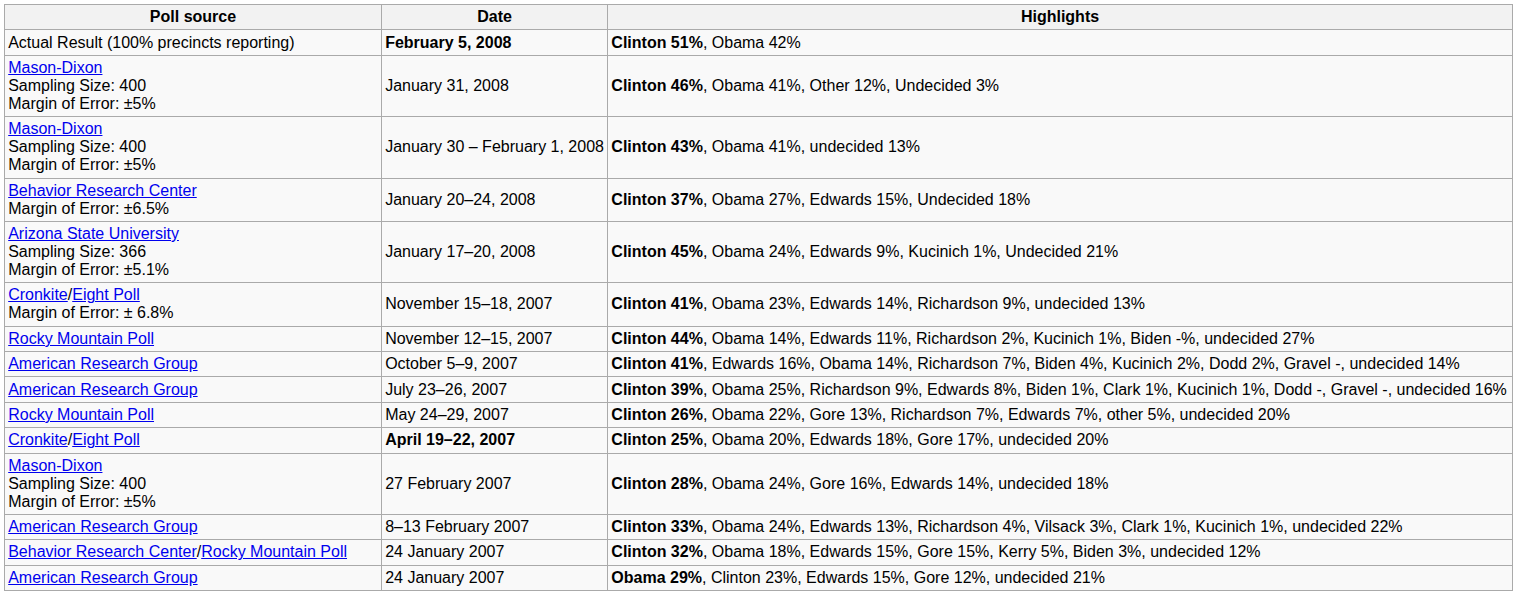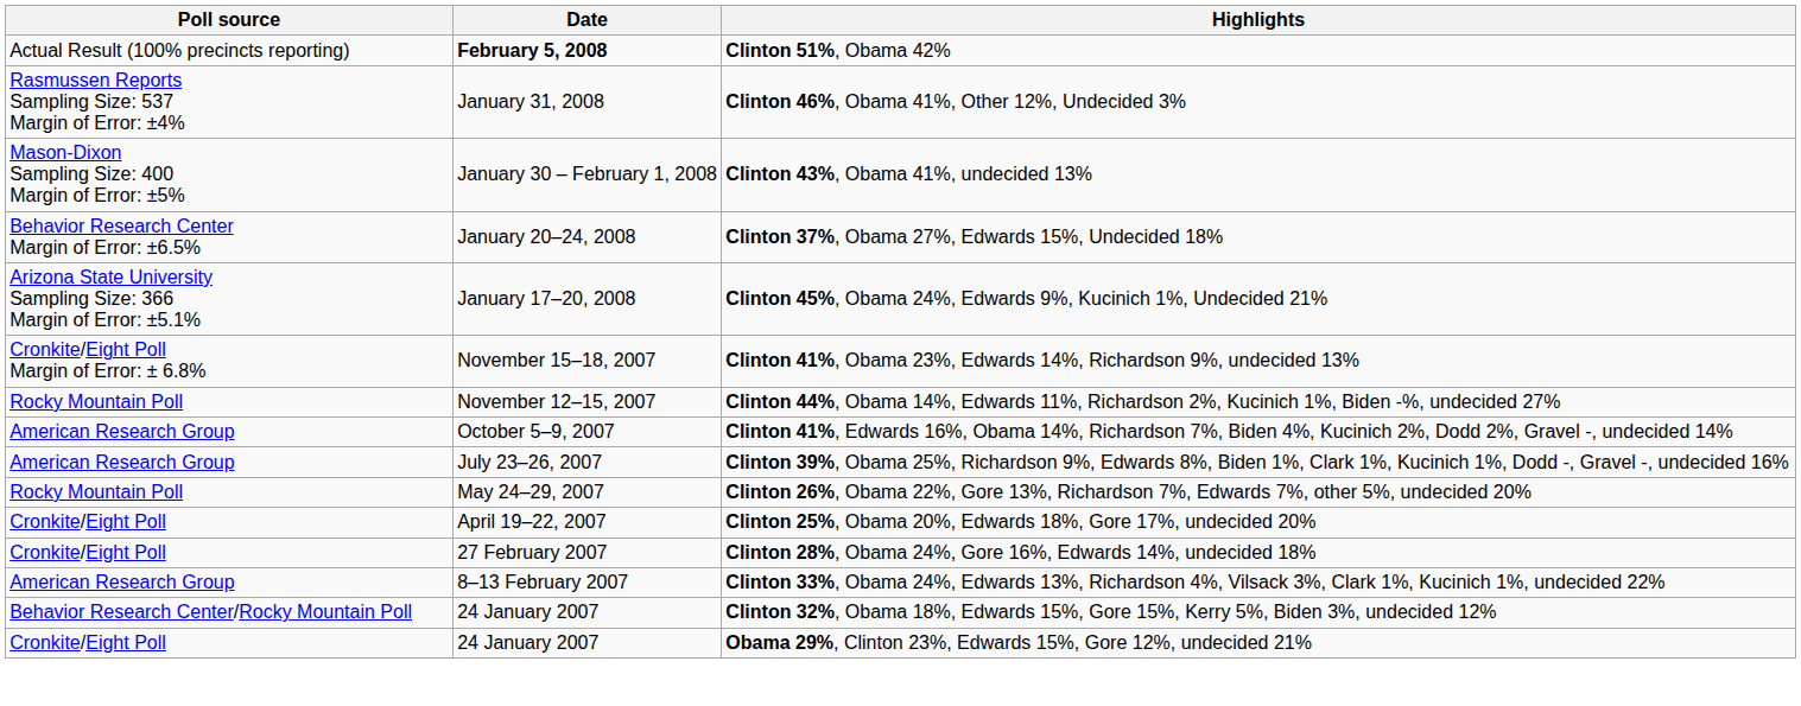 <table class="wikitable sortable">
 <tr>
 <th width="25%">Poll source</th>
 <th width="15%">Date</th>
 <th width="60%">Highlights</th>
 </tr>
 <tr>
 <td>Actual Result (100% precincts reporting)</td>
 <td><strong>February 5, 2008</strong></td>
 <td><strong>Clinton 51%</strong>, Obama 42%</td>
 </tr>
 <tr>
-<td><a href='#'>Mason-Dixon</a><br>Sampling Size: 400<br> Margin of Error: ±5%</td>
+<td><a href='#'>Rasmussen Reports</a><br>Sampling Size: 537<br> Margin of Error: ±4%</td>
 <td>January 31, 2008</td>
 <td><strong>Clinton 46%</strong>, Obama 41%, Other 12%, Undecided 3%</td>
 </tr>
 <tr>
 <td><a href='#'>Mason-Dixon</a><br>Sampling Size: 400<br> Margin of Error: ±5%</td>
 <td>January 30 – February 1, 2008</td>
 <td><strong>Clinton 43%</strong>, Obama 41%, undecided 13%</td>
 </tr>
 <tr>
 <td><a href='#'>Behavior Research Center</a><br>Margin of Error: ±6.5%<br></td>
 <td>January 20–24, 2008</td>
 <td><strong>Clinton 37%</strong>, Obama 27%, Edwards 15%, Undecided 18%</td>
 </tr>
 <tr>
 <td><a href='#'>Arizona State University</a><br>Sampling Size: 366<br> Margin of Error: ±5.1%</td>
 <td>January 17–20, 2008</td>
 <td><strong>Clinton 45%</strong>, Obama 24%, Edwards 9%, Kucinich 1%, Undecided 21%</td>
 </tr>
 <tr>
 <td><a href='#'>Cronkite</a>/<a href='#'>Eight Poll</a><br>Margin of Error: ± 6.8%</td>
 <td>November 15–18, 2007</td>
 <td><strong>Clinton 41%</strong>, Obama 23%, Edwards 14%, Richardson 9%, undecided 13%</td>
 </tr>
 <tr>
 <td><a href='#'>Rocky Mountain Poll</a></td>
 <td>November 12–15, 2007</td>
 <td><strong>Clinton 44%</strong>, Obama 14%, Edwards 11%, Richardson 2%, Kucinich 1%, Biden -%,  undecided 27%</td>
 </tr>
 <tr>
 <td><a href='#'>American Research Group</a></td>
 <td>October 5–9, 2007</td>
 <td><strong>Clinton 41%</strong>, Edwards 16%, Obama 14%, Richardson 7%, Biden 4%, Kucinich 2%, Dodd 2%, Gravel -, undecided 14%</td>
 </tr>
 <tr>
 <td><a href='#'>American Research Group</a></td>
 <td>July 23–26, 2007</td>
 <td><strong>Clinton 39%</strong>, Obama 25%, Richardson 9%, Edwards 8%, Biden 1%, Clark 1%, Kucinich 1%, Dodd -, Gravel -, undecided 16%</td>
 </tr>
 <tr>
 <td><a href='#'>Rocky Mountain Poll</a></td>
 <td>May 24–29, 2007</td>
 <td><strong>Clinton 26%</strong>, Obama 22%, Gore 13%, Richardson 7%, Edwards 7%, other 5%, undecided 20%</td>
 </tr>
 <tr>
 <td><a href='#'>Cronkite</a>/<a href='#'>Eight Poll</a></td>
-<td><strong>April 19–22, 2007</strong></td>
+<td>April 19–22, 2007</td>
 <td><strong>Clinton 25%</strong>, Obama 20%, Edwards 18%, Gore 17%, undecided 20%</td>
 </tr>
 <tr>
-<td><a href='#'>Mason-Dixon</a><br>Sampling Size: 400<br> Margin of Error: ±5%</td>
+<td><a href='#'>Cronkite</a>/<a href='#'>Eight Poll</a></td>
 <td>27 February 2007</td>
 <td><strong>Clinton 28%</strong>, Obama 24%, Gore 16%, Edwards 14%, undecided 18%</td>
 </tr>
 <tr>
 <td><a href='#'>American Research Group</a></td>
 <td>8–13 February 2007</td>
 <td><strong>Clinton 33%</strong>, Obama 24%, Edwards 13%, Richardson 4%, Vilsack 3%, Clark 1%, Kucinich 1%, undecided 22%</td>
 </tr>
 <tr>
 <td><a href='#'>Behavior Research Center</a>/<a href='#'>Rocky Mountain Poll</a></td>
 <td>24 January 2007</td>
 <td><strong>Clinton 32%</strong>, Obama 18%, Edwards 15%, Gore 15%, Kerry 5%, Biden 3%, undecided 12%</td>
 </tr>
 <tr>
-<td><a href='#'>American Research Group</a></td>
+<td><a href='#'>Cronkite</a>/<a href='#'>Eight Poll</a></td>
 <td>24 January 2007</td>
 <td><strong>Obama 29%</strong>, Clinton 23%, Edwards 15%, Gore 12%, undecided 21%</td>
 </tr>
 </table>
